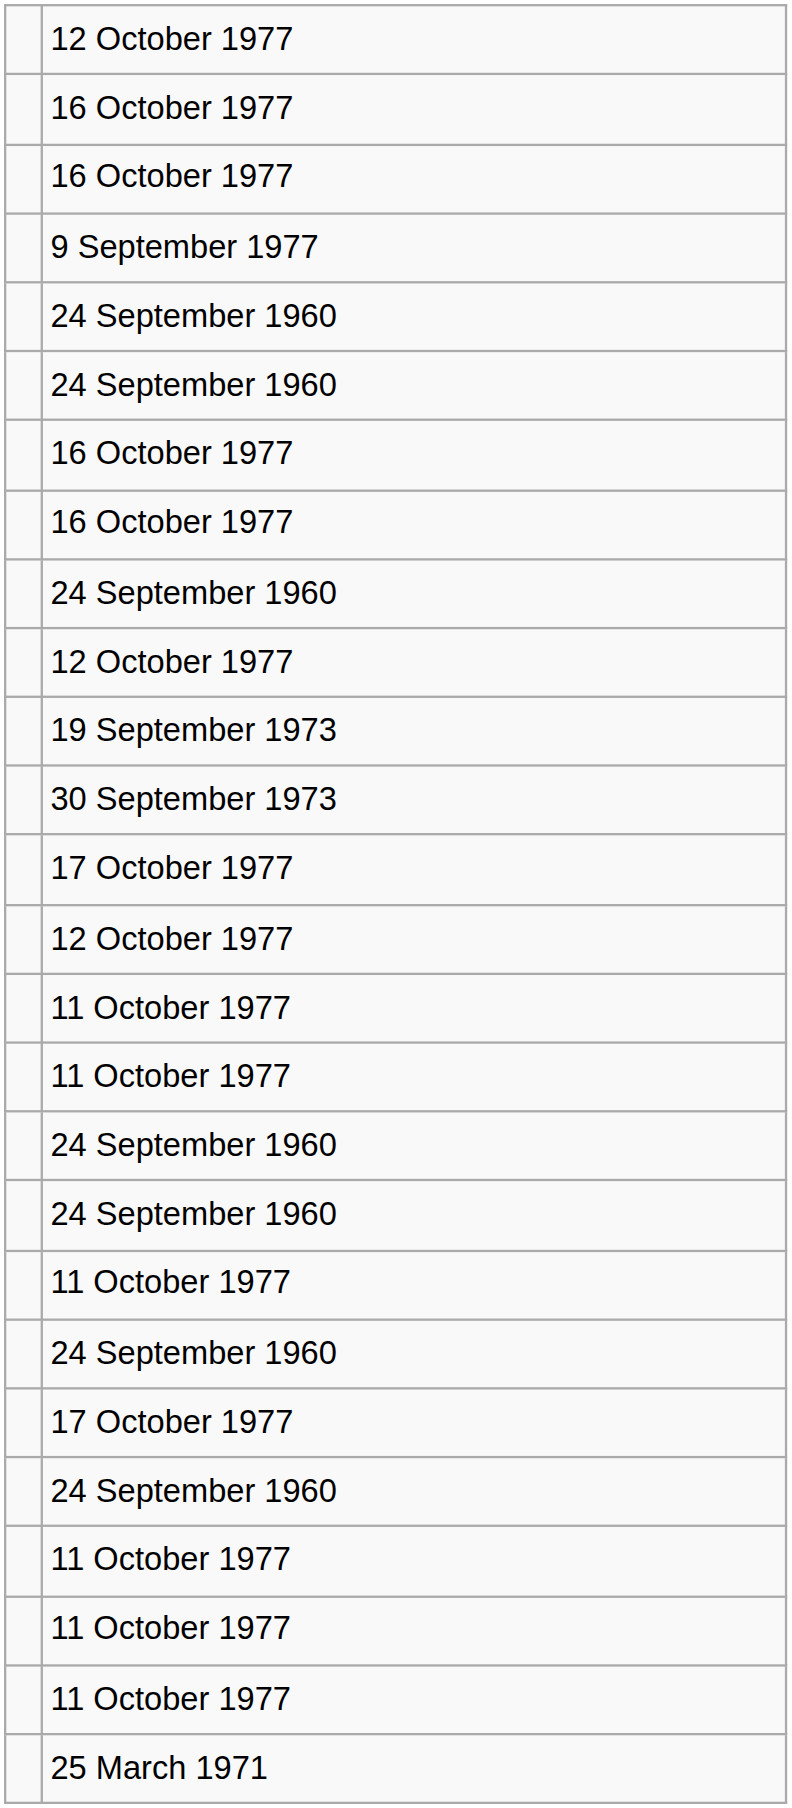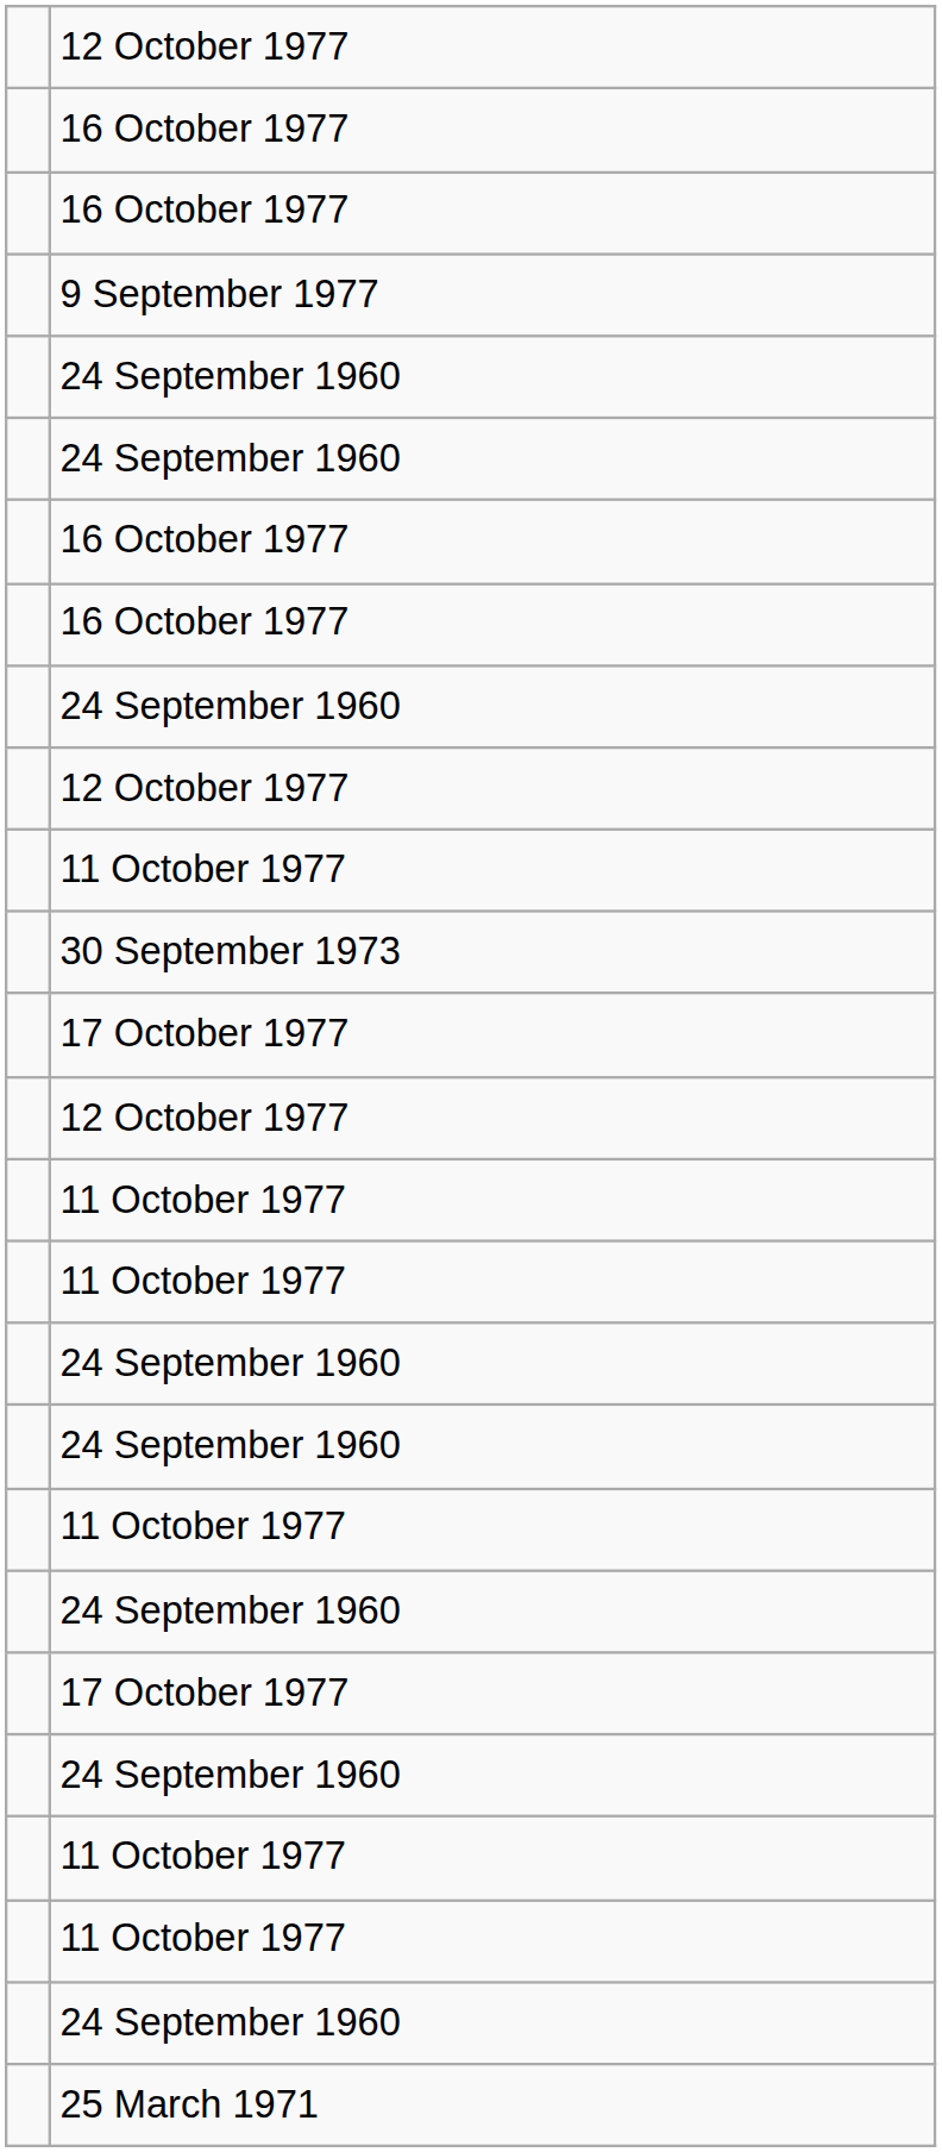 <table class="wikitable" style="font-size: 89%; float: left; width: 24em; margin-right: 1em; line-height: 1.65em">
 <tr>
 <td></td>
 <td>12 October 1977</td>
 </tr>
 <tr>
 <td></td>
 <td>16 October 1977</td>
 </tr>
 <tr>
 <td></td>
 <td>16 October 1977</td>
 </tr>
 <tr>
 <td></td>
 <td>9 September 1977</td>
 </tr>
 <tr>
 <td></td>
 <td>24 September 1960</td>
 </tr>
 <tr>
 <td></td>
 <td>24 September 1960</td>
 </tr>
 <tr>
 <td></td>
 <td>16 October 1977</td>
 </tr>
 <tr>
 <td></td>
 <td>16 October 1977</td>
 </tr>
 <tr>
 <td></td>
 <td>24 September 1960</td>
 </tr>
 <tr>
 <td></td>
 <td>12 October 1977</td>
 </tr>
 <tr>
 <td></td>
-<td>19 September 1973</td>
+<td>11 October 1977</td>
 </tr>
 <tr>
 <td></td>
 <td>30 September 1973</td>
 </tr>
 <tr>
 <td></td>
 <td>17 October 1977</td>
 </tr>
 <tr>
 <td></td>
 <td>12 October 1977</td>
 </tr>
 <tr>
 <td></td>
 <td>11 October 1977</td>
 </tr>
 <tr>
 <td></td>
 <td>11 October 1977</td>
 </tr>
 <tr>
 <td></td>
 <td>24 September 1960</td>
 </tr>
 <tr>
 <td></td>
 <td>24 September 1960</td>
 </tr>
 <tr>
 <td></td>
 <td>11 October 1977</td>
 </tr>
 <tr>
 <td></td>
 <td>24 September 1960</td>
 </tr>
 <tr>
 <td></td>
 <td>17 October 1977</td>
 </tr>
 <tr>
 <td></td>
 <td>24 September 1960</td>
 </tr>
 <tr>
 <td></td>
 <td>11 October 1977</td>
 </tr>
 <tr>
 <td></td>
 <td>11 October 1977</td>
 </tr>
 <tr>
 <td></td>
-<td>11 October 1977</td>
+<td>24 September 1960</td>
 </tr>
 <tr>
 <td></td>
 <td>25 March 1971</td>
 </tr>
 </table>
